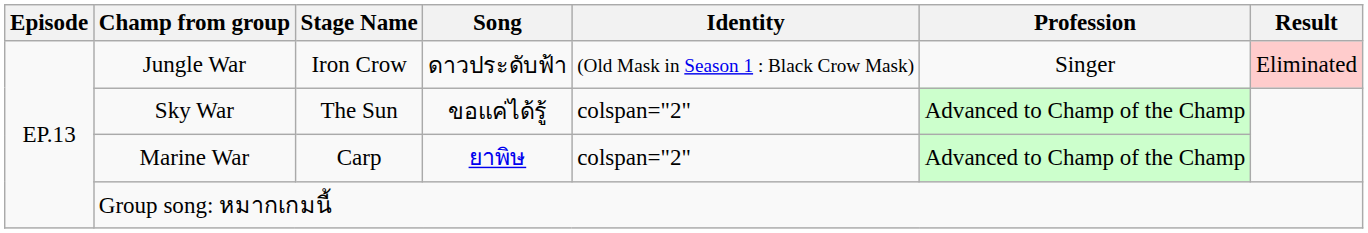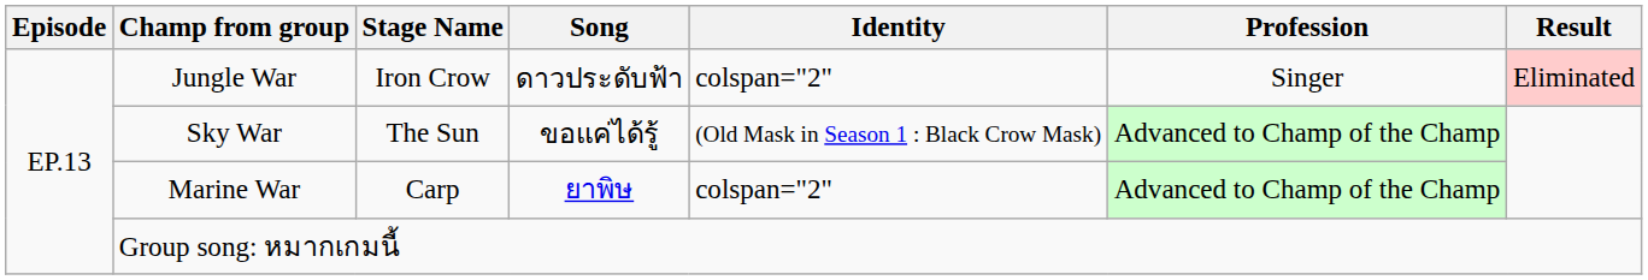 <table class="wikitable">
 <tr>
 <th>Episode</th>
 <th>Champ from group</th>
 <th>Stage Name</th>
 <th>Song</th>
 <th>Identity</th>
 <th>Profession</th>
 <th>Result</th>
 </tr>
 <tr>
 <td rowspan="4" align="center">EP.13</td>
 <td align="center">Jungle War</td>
 <td align="center">Iron Crow</td>
 <td align="center">ดาวประดับฟ้า</td>
-<td align="center"> <small>(Old Mask in <a href='#'>Season 1</a> : Black Crow Mask)</small></td>
+<td>colspan="2"  </td>
 <td align="center">Singer</td>
 <td style="text-align:center; background:#ffcccc;">Eliminated</td>
 </tr>
 <tr>
 <td align="center">Sky War</td>
 <td align="center">The Sun</td>
 <td align="center">ขอแค่ได้รู้</td>
-<td>colspan="2"  </td>
+<td align="center"> <small>(Old Mask in <a href='#'>Season 1</a> : Black Crow Mask)</small></td>
 <td style="text-align:center; background:#ccffcc;">Advanced to Champ of the Champ</td>
 </tr>
 <tr>
 <td align="center">Marine War</td>
 <td align="center">Carp</td>
 <td align="center"><a href='#'>ยาพิษ</a></td>
 <td>colspan="2"  </td>
 <td style="text-align:center; background:#ccffcc;">Advanced to Champ of the Champ</td>
 </tr>
 <tr>
 <td colspan="7">Group song: หมากเกมนี้</td>
 </tr>
 </table>
